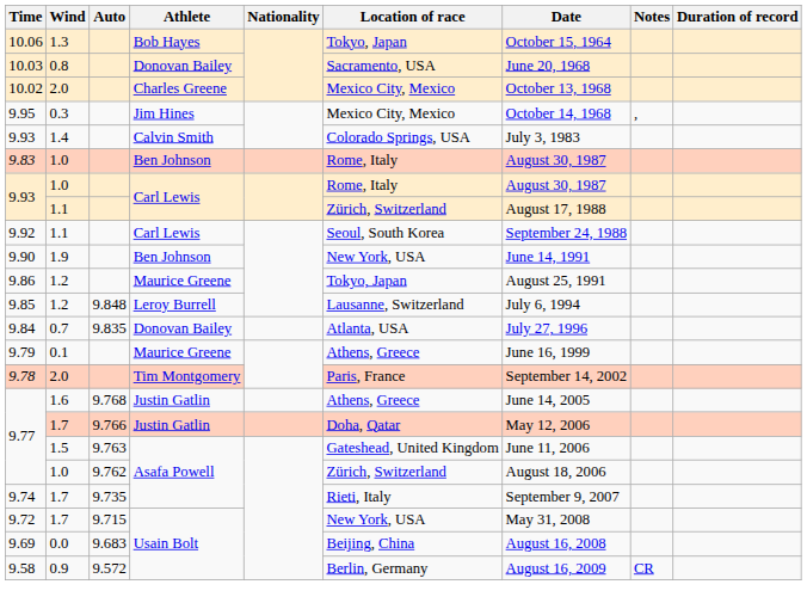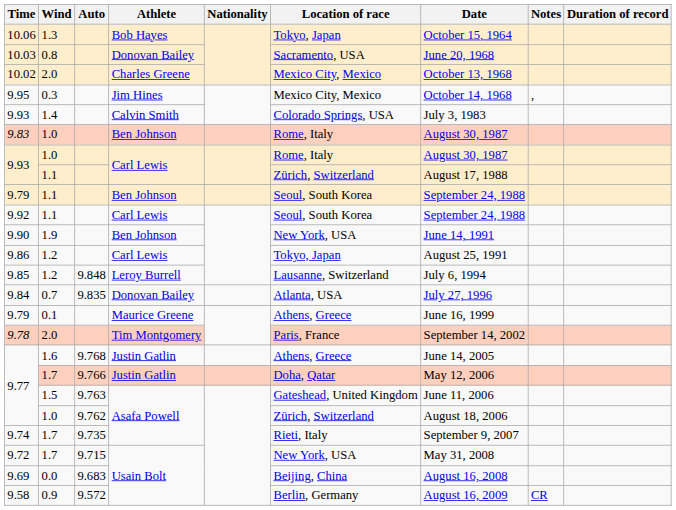 <table class="wikitable">
 <tr>
 <th>Time</th>
 <th>Wind</th>
 <th>Auto</th>
 <th>Athlete</th>
 <th>Nationality</th>
 <th>Location of race</th>
 <th>Date</th>
 <th>Notes</th>
 <th !data-sort-type="number">Duration of record</th>
 </tr>
 <tr style="background: #fec">
 <td>10.06</td>
 <td>1.3</td>
 <td></td>
 <td><a href='#'>Bob Hayes</a></td>
 <td rowspan="3"></td>
 <td><a href='#'>Tokyo</a>, <a href='#'>Japan</a></td>
 <td><a href='#'>October 15, 1964</a></td>
 <td></td>
 <td></td>
 </tr>
 <tr style="background: #fec">
 <td>10.03</td>
 <td>0.8</td>
 <td></td>
 <td><a href='#'>Donovan Bailey</a></td>
 <td><a href='#'>Sacramento</a>, USA</td>
 <td><a href='#'>June 20, 1968</a></td>
 <td></td>
 <td></td>
 </tr>
 <tr style="background: #fec">
 <td>10.02</td>
 <td>2.0</td>
 <td></td>
 <td><a href='#'>Charles Greene</a></td>
 <td><a href='#'>Mexico City</a>, <a href='#'>Mexico</a></td>
 <td><a href='#'>October 13, 1968</a></td>
 <td></td>
 <td></td>
 </tr>
 <tr>
 <td>9.95</td>
 <td>0.3</td>
 <td></td>
 <td><a href='#'>Jim Hines</a></td>
 <td rowspan="2"></td>
 <td>Mexico City, Mexico</td>
 <td><a href='#'>October 14, 1968</a></td>
 <td>, </td>
 <td></td>
 </tr>
 <tr>
 <td>9.93</td>
 <td>1.4</td>
 <td></td>
 <td><a href='#'>Calvin Smith</a></td>
 <td><a href='#'>Colorado Springs</a>, USA</td>
 <td>July 3, 1983</td>
 <td></td>
 <td></td>
 </tr>
 <tr style="background: #ffd0bd">
 <td><em>9.83</em></td>
 <td>1.0</td>
 <td></td>
 <td><a href='#'>Ben Johnson</a></td>
 <td></td>
 <td><a href='#'>Rome</a>, Italy</td>
 <td><a href='#'>August 30, 1987</a></td>
 <td></td>
 <td></td>
 </tr>
 <tr style="background: #fec">
 <td rowspan="2" style="vertical-align:center;">9.93</td>
 <td>1.0</td>
 <td></td>
 <td rowspan="2" style="vertical-align:center;"><a href='#'>Carl Lewis</a></td>
 <td rowspan="2" style="vertical-align:center;"></td>
 <td><a href='#'>Rome</a>, Italy</td>
 <td><a href='#'>August 30, 1987</a></td>
 <td></td>
 <td></td>
 </tr>
 <tr style="background: #fec">
 <td>1.1</td>
 <td></td>
 <td><a href='#'>Zürich</a>, <a href='#'>Switzerland</a></td>
 <td>August 17, 1988</td>
 <td></td>
 <td></td>
 </tr>
+<tr style="background: #fec">
+<td>9.79</td>
+<td>1.1</td>
+<td></td>
+<td><a href='#'>Ben Johnson</a></td>
+<td></td>
+<td><a href='#'>Seoul</a>, South Korea</td>
+<td><a href='#'>September 24, 1988</a></td>
+<td></td>
+<td></td>
+</tr>
 <tr>
 <td>9.92</td>
 <td>1.1</td>
 <td></td>
 <td><a href='#'>Carl Lewis</a></td>
 <td rowspan="4"></td>
 <td><a href='#'>Seoul</a>, South Korea</td>
 <td><a href='#'>September 24, 1988</a></td>
 <td></td>
 <td></td>
 </tr>
 <tr>
 <td>9.90</td>
 <td>1.9</td>
 <td></td>
 <td><a href='#'>Ben Johnson</a></td>
 <td><a href='#'>New York</a>, USA</td>
 <td><a href='#'>June 14, 1991</a></td>
 <td></td>
 <td></td>
 </tr>
 <tr>
 <td>9.86</td>
 <td>1.2</td>
 <td></td>
-<td><a href='#'>Maurice Greene</a></td>
+<td><a href='#'>Carl Lewis</a></td>
 <td><a href='#'>Tokyo, Japan</a></td>
 <td>August 25, 1991</td>
 <td></td>
 <td></td>
 </tr>
 <tr>
 <td>9.85</td>
 <td>1.2</td>
 <td>9.848</td>
 <td><a href='#'>Leroy Burrell</a></td>
 <td><a href='#'>Lausanne</a>, Switzerland</td>
 <td>July 6, 1994</td>
 <td></td>
 <td></td>
 </tr>
 <tr>
 <td>9.84</td>
 <td>0.7</td>
 <td>9.835</td>
 <td><a href='#'>Donovan Bailey</a></td>
 <td></td>
 <td><a href='#'>Atlanta</a>, USA</td>
 <td><a href='#'>July 27, 1996</a></td>
 <td></td>
 <td></td>
 </tr>
 <tr>
 <td>9.79</td>
 <td>0.1</td>
 <td></td>
 <td><a href='#'>Maurice Greene</a></td>
 <td rowspan="2"></td>
 <td><a href='#'>Athens</a>, <a href='#'>Greece</a></td>
 <td>June 16, 1999</td>
 <td></td>
 <td></td>
 </tr>
 <tr style="background: #ffd0bd">
 <td><em>9.78</em></td>
 <td>2.0</td>
 <td></td>
 <td><a href='#'>Tim Montgomery</a></td>
 <td><a href='#'>Paris</a>, France</td>
 <td>September 14, 2002</td>
 <td></td>
 <td></td>
 </tr>
 <tr>
 <td rowspan="4" style="vertical-align:center;">9.77</td>
 <td>1.6</td>
 <td>9.768</td>
 <td><a href='#'>Justin Gatlin</a></td>
 <td></td>
 <td><a href='#'>Athens</a>, <a href='#'>Greece</a></td>
 <td>June 14, 2005</td>
 <td></td>
 <td></td>
 </tr>
 <tr style="background: #ffd0bd">
 <td>1.7</td>
 <td>9.766</td>
 <td><a href='#'>Justin Gatlin</a></td>
 <td></td>
 <td><a href='#'>Doha</a>, <a href='#'>Qatar</a></td>
 <td>May 12, 2006</td>
 <td></td>
 <td></td>
 </tr>
 <tr>
 <td>1.5</td>
 <td>9.763</td>
 <td rowspan="3" style="vertical-align:Center;"><a href='#'>Asafa Powell</a></td>
 <td rowspan="6" style="vertical-align:center;"></td>
 <td><a href='#'>Gateshead</a>, United Kingdom</td>
 <td>June 11, 2006</td>
 <td></td>
 <td></td>
 </tr>
 <tr>
 <td>1.0</td>
 <td>9.762</td>
 <td><a href='#'>Zürich</a>, <a href='#'>Switzerland</a></td>
 <td>August 18, 2006</td>
 <td></td>
 <td></td>
 </tr>
 <tr>
 <td style="vertical-align:top;">9.74</td>
 <td>1.7</td>
 <td>9.735</td>
 <td><a href='#'>Rieti</a>, Italy</td>
 <td>September 9, 2007</td>
 <td></td>
 <td></td>
 </tr>
 <tr>
 <td>9.72</td>
 <td>1.7</td>
 <td>9.715</td>
 <td rowspan="3"><a href='#'>Usain Bolt</a></td>
 <td><a href='#'>New York</a>, USA</td>
 <td>May 31, 2008</td>
 <td></td>
 <td></td>
 </tr>
 <tr>
 <td>9.69</td>
 <td>0.0</td>
 <td>9.683</td>
 <td><a href='#'>Beijing</a>, <a href='#'>China</a></td>
 <td><a href='#'>August 16, 2008</a></td>
 <td></td>
 <td></td>
 </tr>
 <tr>
 <td>9.58</td>
 <td>0.9</td>
 <td>9.572</td>
 <td><a href='#'>Berlin</a>, Germany</td>
 <td><a href='#'>August 16, 2009</a></td>
 <td><a href='#'>CR</a></td>
 <td></td>
 </tr>
 </table>
